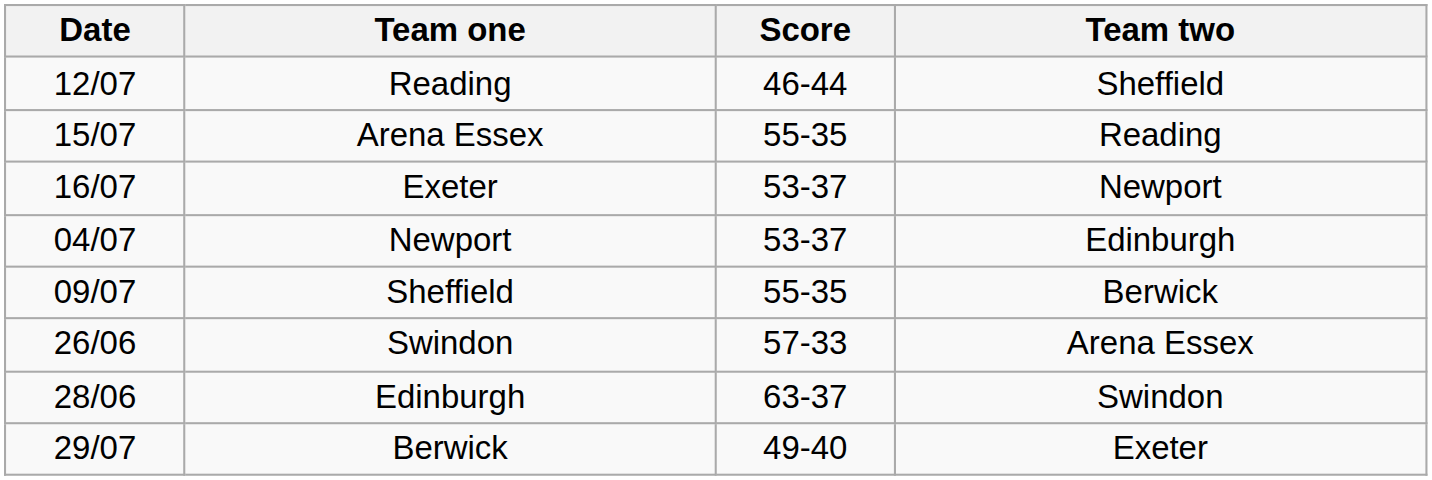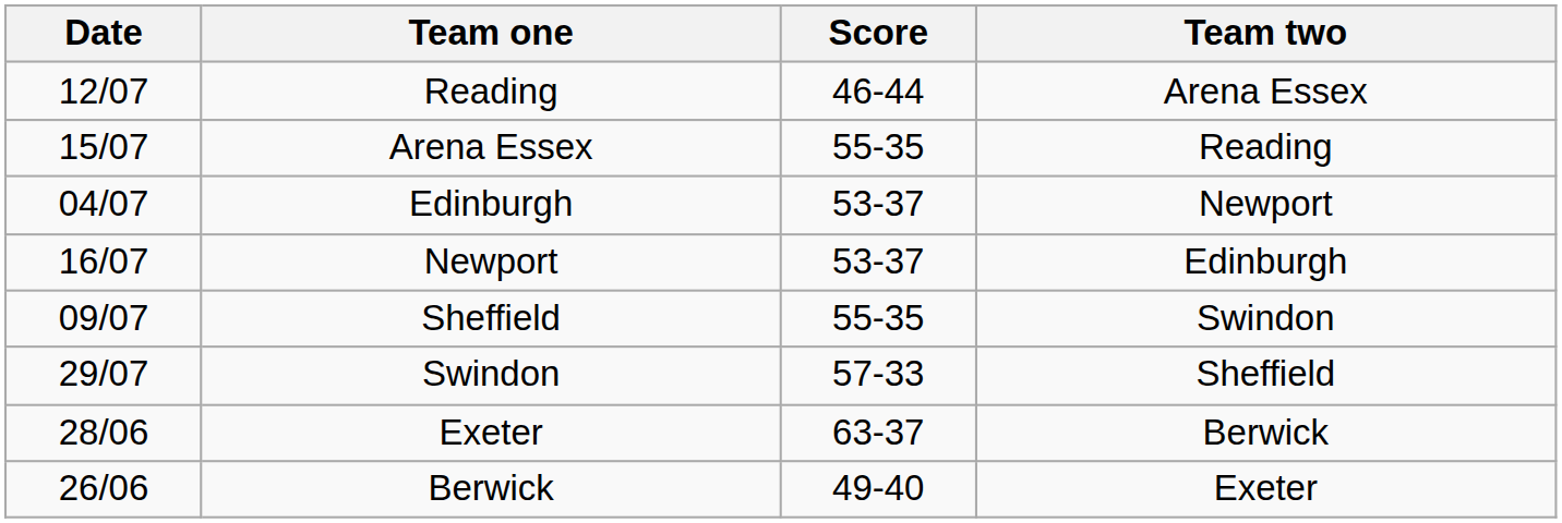 <table class="wikitable" style="text-align: center">
 <tr>
 <th width=80>Date</th>
 <th width=250>Team one</th>
 <th width=80>Score</th>
 <th width=250>Team two</th>
 </tr>
 <tr>
 <td>12/07</td>
 <td>Reading</td>
 <td>46-44</td>
-<td>Sheffield</td>
+<td>Arena Essex</td>
 </tr>
 <tr>
 <td>15/07</td>
 <td>Arena Essex</td>
 <td>55-35</td>
 <td>Reading</td>
 </tr>
 <tr>
-<td>16/07</td>
-<td>Exeter</td>
+<td>04/07</td>
+<td>Edinburgh</td>
 <td>53-37</td>
 <td>Newport</td>
 </tr>
 <tr>
-<td>04/07</td>
+<td>16/07</td>
 <td>Newport</td>
 <td>53-37</td>
 <td>Edinburgh</td>
 </tr>
 <tr>
 <td>09/07</td>
 <td>Sheffield</td>
 <td>55-35</td>
+<td>Swindon</td>
+</tr>
+<tr>
+<td>29/07</td>
+<td>Swindon</td>
+<td>57-33</td>
+<td>Sheffield</td>
+</tr>
+<tr>
+<td>28/06</td>
+<td>Exeter</td>
+<td>63-37</td>
 <td>Berwick</td>
 </tr>
 <tr>
 <td>26/06</td>
-<td>Swindon</td>
-<td>57-33</td>
-<td>Arena Essex</td>
-</tr>
-<tr>
-<td>28/06</td>
-<td>Edinburgh</td>
-<td>63-37</td>
-<td>Swindon</td>
-</tr>
-<tr>
-<td>29/07</td>
 <td>Berwick</td>
 <td>49-40</td>
 <td>Exeter</td>
 </tr>
 </table>
